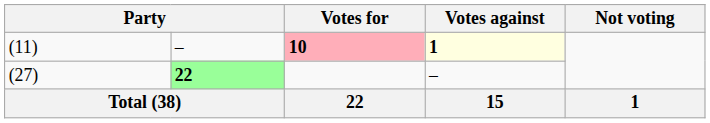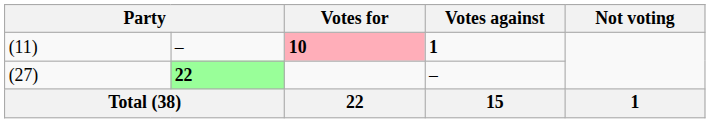 <table class="wikitable" style="width:50%;">
 <tr>
 <th colspan="2">Party</th>
 <th style="width:20%;">Votes for</th>
 <th style="width:20%;">Votes against</th>
 <th style="width:20%;">Not voting</th>
 </tr>
 <tr>
 <td> (11)</td>
 <td>–</td>
 <td style="background-color:#ffaeb9;"><strong>10</strong></td>
-<td style="background: lightyellow;"><strong>1</strong></td>
+<td><strong>1</strong></td>
 </tr>
 <tr>
 <td> (27)</td>
 <td style="background-color:#9f9;"><strong>22</strong></td>
 <td></td>
 <td>–</td>
 </tr>
 <tr>
 <th colspan="2">Total (38)</th>
 <th>22</th>
 <th>15</th>
 <th>1</th>
 </tr>
 </table>
